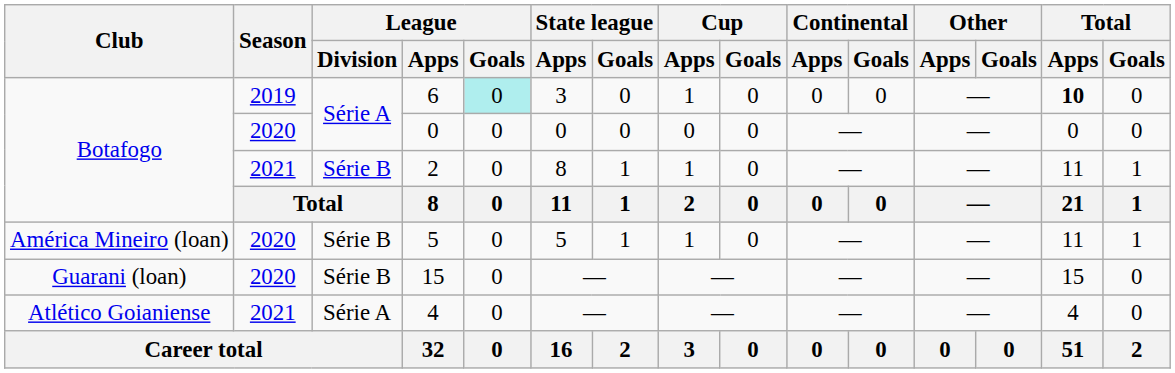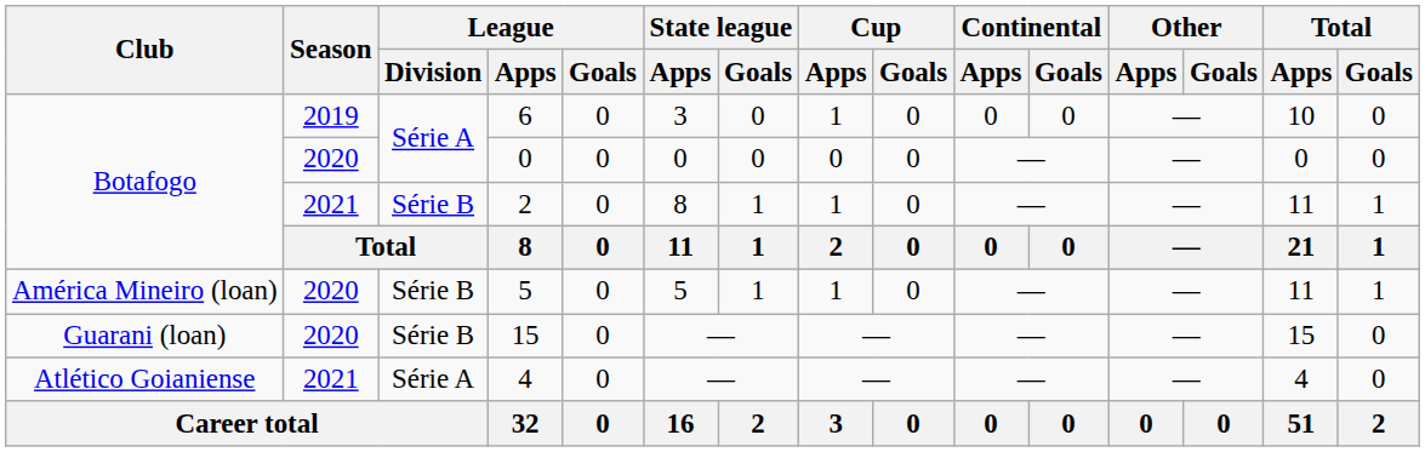 <table class="wikitable" style="text-align: center">
 <tr>
 <th rowspan="2">Club</th>
 <th rowspan="2">Season</th>
 <th colspan="3">League</th>
 <th colspan="2">State league</th>
 <th colspan="2">Cup</th>
 <th colspan="2">Continental</th>
 <th colspan="2">Other</th>
 <th colspan="2">Total</th>
 </tr>
 <tr>
 <th>Division</th>
 <th>Apps</th>
 <th>Goals</th>
 <th>Apps</th>
 <th>Goals</th>
 <th>Apps</th>
 <th>Goals</th>
 <th>Apps</th>
 <th>Goals</th>
 <th>Apps</th>
 <th>Goals</th>
 <th>Apps</th>
 <th>Goals</th>
 </tr>
 <tr>
 <td rowspan="4"><a href='#'>Botafogo</a></td>
 <td><a href='#'>2019</a></td>
 <td rowspan="2"><a href='#'>Série A</a></td>
 <td>6</td>
-<td style="background: paleturquoise;">0</td>
+<td>0</td>
 <td>3</td>
 <td>0</td>
 <td>1</td>
 <td>0</td>
 <td>0</td>
 <td>0</td>
 <td colspan="2">—</td>
-<td><strong>10</strong></td>
+<td>10</td>
 <td>0</td>
 </tr>
 <tr>
 <td><a href='#'>2020</a></td>
 <td>0</td>
 <td>0</td>
 <td>0</td>
 <td>0</td>
 <td>0</td>
 <td>0</td>
 <td colspan="2">—</td>
 <td colspan="2">—</td>
 <td>0</td>
 <td>0</td>
 </tr>
 <tr>
 <td><a href='#'>2021</a></td>
 <td><a href='#'>Série B</a></td>
 <td>2</td>
 <td>0</td>
 <td>8</td>
 <td>1</td>
 <td>1</td>
 <td>0</td>
 <td colspan="2">—</td>
 <td colspan="2">—</td>
 <td>11</td>
 <td>1</td>
 </tr>
 <tr>
 <th colspan="2"><strong>Total</strong></th>
 <th>8</th>
 <th>0</th>
 <th>11</th>
 <th>1</th>
 <th>2</th>
 <th>0</th>
 <th>0</th>
 <th>0</th>
 <th colspan="2">—</th>
 <th>21</th>
 <th>1</th>
 </tr>
 <tr>
 <td><a href='#'>América Mineiro</a> (loan)</td>
 <td><a href='#'>2020</a></td>
 <td>Série B</td>
 <td>5</td>
 <td>0</td>
 <td>5</td>
 <td>1</td>
 <td>1</td>
 <td>0</td>
 <td colspan="2">—</td>
 <td colspan="2">—</td>
 <td>11</td>
 <td>1</td>
 </tr>
 <tr>
 <td><a href='#'>Guarani</a> (loan)</td>
 <td><a href='#'>2020</a></td>
 <td>Série B</td>
 <td>15</td>
 <td>0</td>
 <td colspan="2">—</td>
 <td colspan="2">—</td>
 <td colspan="2">—</td>
 <td colspan="2">—</td>
 <td>15</td>
 <td>0</td>
 </tr>
 <tr>
 <td><a href='#'>Atlético Goianiense</a></td>
 <td><a href='#'>2021</a></td>
 <td>Série A</td>
 <td>4</td>
 <td>0</td>
 <td colspan="2">—</td>
 <td colspan="2">—</td>
 <td colspan="2">—</td>
 <td colspan="2">—</td>
 <td>4</td>
 <td>0</td>
 </tr>
 <tr>
 <th colspan="3"><strong>Career total</strong></th>
 <th>32</th>
 <th>0</th>
 <th>16</th>
 <th>2</th>
 <th>3</th>
 <th>0</th>
 <th>0</th>
 <th>0</th>
 <th>0</th>
 <th>0</th>
 <th>51</th>
 <th>2</th>
 </tr>
 </table>
